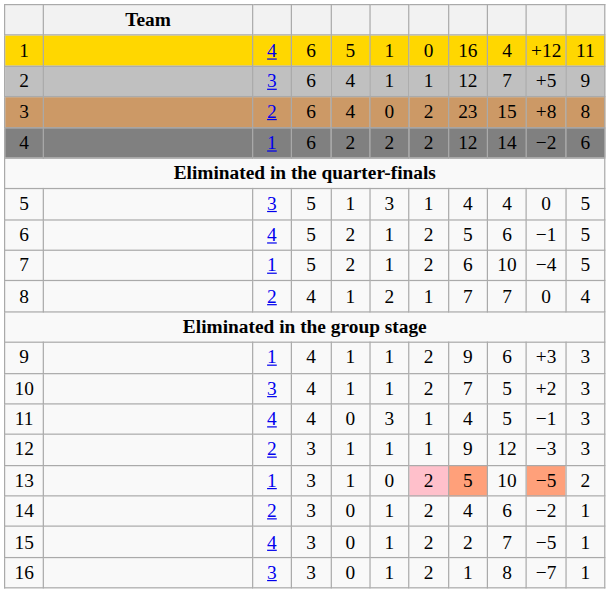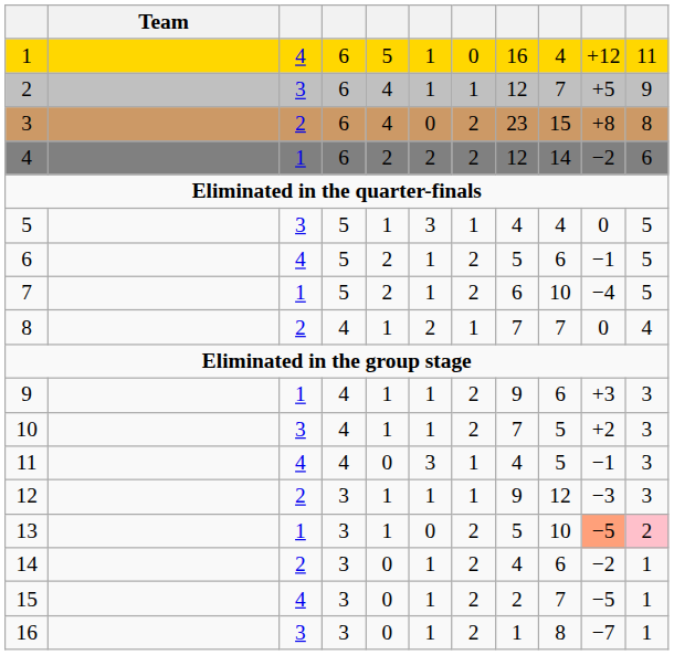 <table class="wikitable" style="text-align:center">
 <tr>
 <th width=25></th>
 <th width=165>Team</th>
 <th width=25></th>
 <th width=25></th>
 <th width=25></th>
 <th width=25></th>
 <th width=25></th>
 <th width=25></th>
 <th width=25></th>
 <th width=25></th>
 <th width=25></th>
 </tr>
 <tr style="background:gold">
 <td>1</td>
 <td style="text-align:left"></td>
 <td><a href='#'>4</a></td>
 <td>6</td>
 <td>5</td>
 <td>1</td>
 <td>0</td>
 <td>16</td>
 <td>4</td>
 <td>+12</td>
 <td>11</td>
 </tr>
 <tr style="background:silver">
 <td>2</td>
 <td style="text-align:left"></td>
 <td><a href='#'>3</a></td>
 <td>6</td>
 <td>4</td>
 <td>1</td>
 <td>1</td>
 <td>12</td>
 <td>7</td>
 <td>+5</td>
 <td>9</td>
 </tr>
 <tr style="background:#c96">
 <td>3</td>
 <td style="text-align:left"></td>
 <td><a href='#'>2</a></td>
 <td>6</td>
 <td>4</td>
 <td>0</td>
 <td>2</td>
 <td>23</td>
 <td>15</td>
 <td>+8</td>
 <td>8</td>
 </tr>
 <tr style="background:gray">
 <td>4</td>
 <td style="text-align:left"></td>
 <td><a href='#'>1</a></td>
 <td>6</td>
 <td>2</td>
 <td>2</td>
 <td>2</td>
 <td>12</td>
 <td>14</td>
 <td>−2</td>
 <td>6</td>
 </tr>
 <tr>
 <td colspan="11"><strong>Eliminated in the quarter-finals</strong></td>
 </tr>
 <tr>
 <td>5</td>
 <td style="text-align:left"></td>
 <td><a href='#'>3</a></td>
 <td>5</td>
 <td>1</td>
 <td>3</td>
 <td>1</td>
 <td>4</td>
 <td>4</td>
 <td>0</td>
 <td>5</td>
 </tr>
 <tr>
 <td>6</td>
 <td style="text-align:left"></td>
 <td><a href='#'>4</a></td>
 <td>5</td>
 <td>2</td>
 <td>1</td>
 <td>2</td>
 <td>5</td>
 <td>6</td>
 <td>−1</td>
 <td>5</td>
 </tr>
 <tr>
 <td>7</td>
 <td style="text-align:left"></td>
 <td><a href='#'>1</a></td>
 <td>5</td>
 <td>2</td>
 <td>1</td>
 <td>2</td>
 <td>6</td>
 <td>10</td>
 <td>−4</td>
 <td>5</td>
 </tr>
 <tr>
 <td>8</td>
 <td style="text-align:left"></td>
 <td><a href='#'>2</a></td>
 <td>4</td>
 <td>1</td>
 <td>2</td>
 <td>1</td>
 <td>7</td>
 <td>7</td>
 <td>0</td>
 <td>4</td>
 </tr>
 <tr>
 <td colspan="11"><strong>Eliminated in the group stage</strong></td>
 </tr>
 <tr>
 <td>9</td>
 <td style="text-align:left"></td>
 <td><a href='#'>1</a></td>
 <td>4</td>
 <td>1</td>
 <td>1</td>
 <td>2</td>
 <td>9</td>
 <td>6</td>
 <td>+3</td>
 <td>3</td>
 </tr>
 <tr>
 <td>10</td>
 <td style="text-align:left"></td>
 <td><a href='#'>3</a></td>
 <td>4</td>
 <td>1</td>
 <td>1</td>
 <td>2</td>
 <td>7</td>
 <td>5</td>
 <td>+2</td>
 <td>3</td>
 </tr>
 <tr>
 <td>11</td>
 <td style="text-align:left"></td>
 <td><a href='#'>4</a></td>
 <td>4</td>
 <td>0</td>
 <td>3</td>
 <td>1</td>
 <td>4</td>
 <td>5</td>
 <td>−1</td>
 <td>3</td>
 </tr>
 <tr>
 <td>12</td>
 <td style="text-align:left"></td>
 <td><a href='#'>2</a></td>
 <td>3</td>
 <td>1</td>
 <td>1</td>
 <td>1</td>
 <td>9</td>
 <td>12</td>
 <td>−3</td>
 <td>3</td>
 </tr>
 <tr>
 <td>13</td>
 <td style="text-align:left"></td>
 <td><a href='#'>1</a></td>
 <td>3</td>
 <td>1</td>
 <td>0</td>
-<td style="background: pink;">2</td>
-<td style="background: lightsalmon;">5</td>
+<td>2</td>
+<td>5</td>
 <td>10</td>
 <td style="background: lightsalmon;">−5</td>
-<td>2</td>
+<td style="background: pink;">2</td>
 </tr>
 <tr>
 <td>14</td>
 <td style="text-align:left"></td>
 <td><a href='#'>2</a></td>
 <td>3</td>
 <td>0</td>
 <td>1</td>
 <td>2</td>
 <td>4</td>
 <td>6</td>
 <td>−2</td>
 <td>1</td>
 </tr>
 <tr>
 <td>15</td>
 <td style="text-align:left"></td>
 <td><a href='#'>4</a></td>
 <td>3</td>
 <td>0</td>
 <td>1</td>
 <td>2</td>
 <td>2</td>
 <td>7</td>
 <td>−5</td>
 <td>1</td>
 </tr>
 <tr>
 <td>16</td>
 <td style="text-align:left"></td>
 <td><a href='#'>3</a></td>
 <td>3</td>
 <td>0</td>
 <td>1</td>
 <td>2</td>
 <td>1</td>
 <td>8</td>
 <td>−7</td>
 <td>1</td>
 </tr>
 </table>
